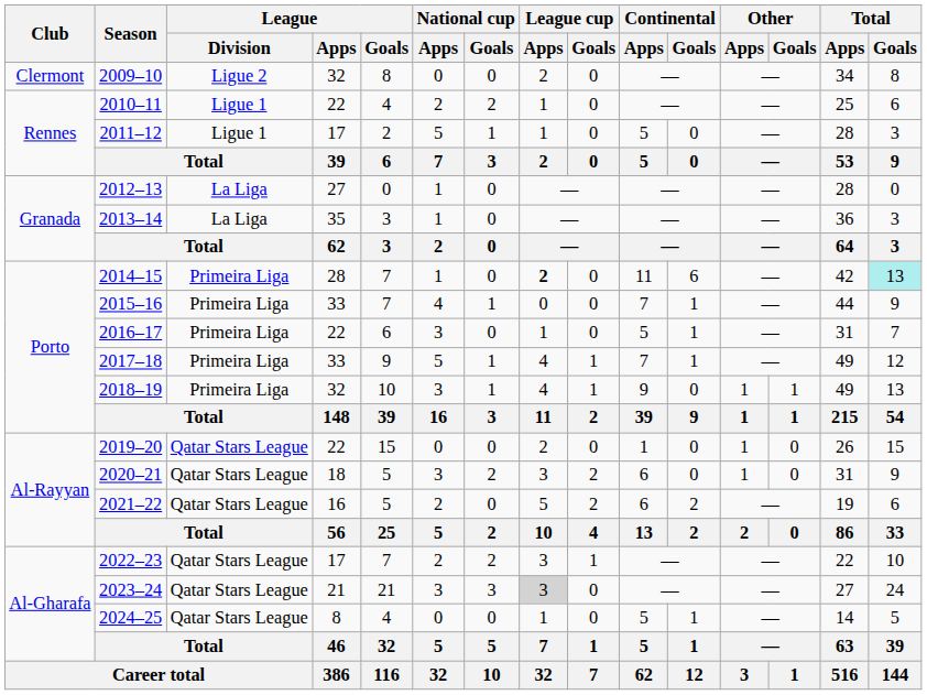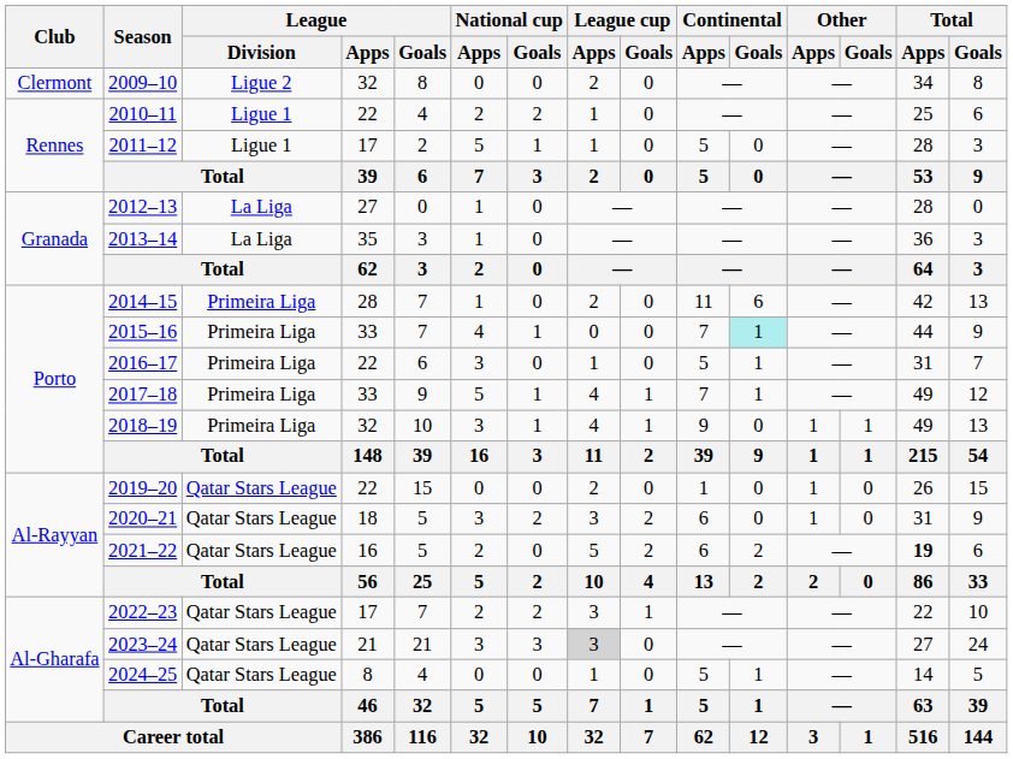 <table class="wikitable" style="text-align:center">
 <tr>
 <th rowspan="2">Club</th>
 <th rowspan="2">Season</th>
 <th colspan="3">League</th>
 <th colspan="2">National cup</th>
 <th colspan="2">League cup</th>
 <th colspan="2">Continental</th>
 <th colspan="2">Other</th>
 <th colspan="2">Total</th>
 </tr>
 <tr>
 <th>Division</th>
 <th>Apps</th>
 <th>Goals</th>
 <th>Apps</th>
 <th>Goals</th>
 <th>Apps</th>
 <th>Goals</th>
 <th>Apps</th>
 <th>Goals</th>
 <th>Apps</th>
 <th>Goals</th>
 <th>Apps</th>
 <th>Goals</th>
 </tr>
 <tr>
 <td><a href='#'>Clermont</a></td>
 <td><a href='#'>2009–10</a></td>
 <td><a href='#'>Ligue 2</a></td>
 <td>32</td>
 <td>8</td>
 <td>0</td>
 <td>0</td>
 <td>2</td>
 <td>0</td>
 <td colspan="2">—</td>
 <td colspan="2">—</td>
 <td>34</td>
 <td>8</td>
 </tr>
 <tr>
 <td rowspan="3"><a href='#'>Rennes</a></td>
 <td><a href='#'>2010–11</a></td>
 <td><a href='#'>Ligue 1</a></td>
 <td>22</td>
 <td>4</td>
 <td>2</td>
 <td>2</td>
 <td>1</td>
 <td>0</td>
 <td colspan="2">—</td>
 <td colspan="2">—</td>
 <td>25</td>
 <td>6</td>
 </tr>
 <tr>
 <td><a href='#'>2011–12</a></td>
 <td>Ligue 1</td>
 <td>17</td>
 <td>2</td>
 <td>5</td>
 <td>1</td>
 <td>1</td>
 <td>0</td>
 <td>5</td>
 <td>0</td>
 <td colspan="2">—</td>
 <td>28</td>
 <td>3</td>
 </tr>
 <tr>
 <th colspan="2">Total</th>
 <th>39</th>
 <th>6</th>
 <th>7</th>
 <th>3</th>
 <th>2</th>
 <th>0</th>
 <th>5</th>
 <th>0</th>
 <th colspan="2">—</th>
 <th>53</th>
 <th>9</th>
 </tr>
 <tr>
 <td rowspan="3"><a href='#'>Granada</a></td>
 <td><a href='#'>2012–13</a></td>
 <td><a href='#'>La Liga</a></td>
 <td>27</td>
 <td>0</td>
 <td>1</td>
 <td>0</td>
 <td colspan="2">—</td>
 <td colspan="2">—</td>
 <td colspan="2">—</td>
 <td>28</td>
 <td>0</td>
 </tr>
 <tr>
 <td><a href='#'>2013–14</a></td>
 <td>La Liga</td>
 <td>35</td>
 <td>3</td>
 <td>1</td>
 <td>0</td>
 <td colspan="2">—</td>
 <td colspan="2">—</td>
 <td colspan="2">—</td>
 <td>36</td>
 <td>3</td>
 </tr>
 <tr>
 <th colspan="2">Total</th>
 <th>62</th>
 <th>3</th>
 <th>2</th>
 <th>0</th>
 <th colspan="2">—</th>
 <th colspan="2">—</th>
 <th colspan="2">—</th>
 <th>64</th>
 <th>3</th>
 </tr>
 <tr>
 <td rowspan="6"><a href='#'>Porto</a></td>
 <td><a href='#'>2014–15</a></td>
 <td><a href='#'>Primeira Liga</a></td>
 <td>28</td>
 <td>7</td>
 <td>1</td>
 <td>0</td>
-<td><strong>2</strong></td>
+<td>2</td>
 <td>0</td>
 <td>11</td>
 <td>6</td>
 <td colspan="2">—</td>
 <td>42</td>
-<td style="background: paleturquoise;">13</td>
+<td>13</td>
 </tr>
 <tr>
 <td><a href='#'>2015–16</a></td>
 <td>Primeira Liga</td>
 <td>33</td>
 <td>7</td>
 <td>4</td>
 <td>1</td>
 <td>0</td>
 <td>0</td>
 <td>7</td>
-<td>1</td>
+<td style="background: paleturquoise;">1</td>
 <td colspan="2">—</td>
 <td>44</td>
 <td>9</td>
 </tr>
 <tr>
 <td><a href='#'>2016–17</a></td>
 <td>Primeira Liga</td>
 <td>22</td>
 <td>6</td>
 <td>3</td>
 <td>0</td>
 <td>1</td>
 <td>0</td>
 <td>5</td>
 <td>1</td>
 <td colspan="2">—</td>
 <td>31</td>
 <td>7</td>
 </tr>
 <tr>
 <td><a href='#'>2017–18</a></td>
 <td>Primeira Liga</td>
 <td>33</td>
 <td>9</td>
 <td>5</td>
 <td>1</td>
 <td>4</td>
 <td>1</td>
 <td>7</td>
 <td>1</td>
 <td colspan="2">—</td>
 <td>49</td>
 <td>12</td>
 </tr>
 <tr>
 <td><a href='#'>2018–19</a></td>
 <td>Primeira Liga</td>
 <td>32</td>
 <td>10</td>
 <td>3</td>
 <td>1</td>
 <td>4</td>
 <td>1</td>
 <td>9</td>
 <td>0</td>
 <td>1</td>
 <td>1</td>
 <td>49</td>
 <td>13</td>
 </tr>
 <tr>
 <th colspan="2">Total</th>
 <th>148</th>
 <th>39</th>
 <th>16</th>
 <th>3</th>
 <th>11</th>
 <th>2</th>
 <th>39</th>
 <th>9</th>
 <th>1</th>
 <th>1</th>
 <th>215</th>
 <th>54</th>
 </tr>
 <tr>
 <td rowspan="4"><a href='#'>Al-Rayyan</a></td>
 <td><a href='#'>2019–20</a></td>
 <td><a href='#'>Qatar Stars League</a></td>
 <td>22</td>
 <td>15</td>
 <td>0</td>
 <td>0</td>
 <td>2</td>
 <td>0</td>
 <td>1</td>
 <td>0</td>
 <td>1</td>
 <td>0</td>
 <td>26</td>
 <td>15</td>
 </tr>
 <tr>
 <td><a href='#'>2020–21</a></td>
 <td>Qatar Stars League</td>
 <td>18</td>
 <td>5</td>
 <td>3</td>
 <td>2</td>
 <td>3</td>
 <td>2</td>
 <td>6</td>
 <td>0</td>
 <td>1</td>
 <td>0</td>
 <td>31</td>
 <td>9</td>
 </tr>
 <tr>
 <td><a href='#'>2021–22</a></td>
 <td>Qatar Stars League</td>
 <td>16</td>
 <td>5</td>
 <td>2</td>
 <td>0</td>
 <td>5</td>
 <td>2</td>
 <td>6</td>
 <td>2</td>
 <td colspan="2">—</td>
-<td>19</td>
+<td><strong>19</strong></td>
 <td>6</td>
 </tr>
 <tr>
 <th colspan="2">Total</th>
 <th>56</th>
 <th>25</th>
 <th>5</th>
 <th>2</th>
 <th>10</th>
 <th>4</th>
 <th>13</th>
 <th>2</th>
 <th>2</th>
 <th>0</th>
 <th>86</th>
 <th>33</th>
 </tr>
 <tr>
 <td rowspan="4"><a href='#'>Al-Gharafa</a></td>
 <td><a href='#'>2022–23</a></td>
 <td>Qatar Stars League</td>
 <td>17</td>
 <td>7</td>
 <td>2</td>
 <td>2</td>
 <td>3</td>
 <td>1</td>
 <td colspan="2">—</td>
 <td colspan="2">—</td>
 <td>22</td>
 <td>10</td>
 </tr>
 <tr>
 <td><a href='#'>2023–24</a></td>
 <td>Qatar Stars League</td>
 <td>21</td>
 <td>21</td>
 <td>3</td>
 <td>3</td>
 <td style="background: lightgrey;">3</td>
 <td>0</td>
 <td colspan="2">—</td>
 <td colspan="2">—</td>
 <td>27</td>
 <td>24</td>
 </tr>
 <tr>
 <td><a href='#'>2024–25</a></td>
 <td>Qatar Stars League</td>
 <td>8</td>
 <td>4</td>
 <td>0</td>
 <td>0</td>
 <td>1</td>
 <td>0</td>
 <td>5</td>
 <td>1</td>
 <td colspan="2">—</td>
 <td>14</td>
 <td>5</td>
 </tr>
 <tr>
 <th colspan="2">Total</th>
 <th>46</th>
 <th>32</th>
 <th>5</th>
 <th>5</th>
 <th>7</th>
 <th>1</th>
 <th>5</th>
 <th>1</th>
 <th colspan="2">—</th>
 <th>63</th>
 <th>39</th>
 </tr>
 <tr>
 <th colspan="3">Career total</th>
 <th>386</th>
 <th>116</th>
 <th>32</th>
 <th>10</th>
 <th>32</th>
 <th>7</th>
 <th>62</th>
 <th>12</th>
 <th>3</th>
 <th>1</th>
 <th>516</th>
 <th>144</th>
 </tr>
 </table>
